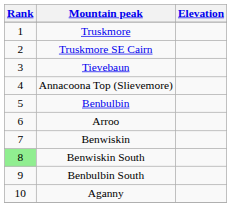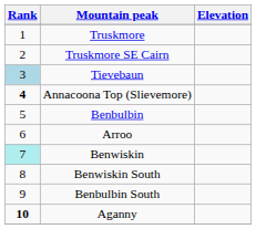 <table class="wikitable sortable" style="text-align:center;">
 <tr>
 <th><a href='#'>Rank</a></th>
 <th><a href='#'>Mountain peak</a></th>
 <th><a href='#'>Elevation</a></th>
 </tr>
 <tr>
 </tr>
 <tr valign="left">
 </tr>
 <tr>
 <td>1</td>
 <td><a href='#'>Truskmore</a></td>
 <td></td>
 </tr>
 <tr>
 <td>2</td>
 <td><a href='#'>Truskmore SE Cairn</a></td>
 <td></td>
 </tr>
 <tr>
-<td>3</td>
+<td style="background: lightblue;">3</td>
 <td><a href='#'>Tievebaun</a></td>
 <td></td>
 </tr>
 <tr>
-<td>4</td>
+<td><strong>4</strong></td>
 <td>Annacoona Top (Slievemore)</td>
 <td></td>
 </tr>
 <tr>
 <td>5</td>
 <td><a href='#'>Benbulbin</a></td>
 <td></td>
 </tr>
 <tr>
 <td>6</td>
 <td>Arroo</td>
 <td></td>
 </tr>
 <tr>
-<td>7</td>
+<td style="background: paleturquoise;">7</td>
 <td>Benwiskin</td>
 <td></td>
 </tr>
 <tr>
-<td style="background: lightgreen;">8</td>
+<td>8</td>
 <td>Benwiskin South</td>
 <td></td>
 </tr>
 <tr>
 <td>9</td>
 <td>Benbulbin South</td>
 <td></td>
 </tr>
 <tr>
-<td>10</td>
+<td><strong>10</strong></td>
 <td>Aganny</td>
 <td></td>
 </tr>
 <tr>
 </tr>
 </table>
